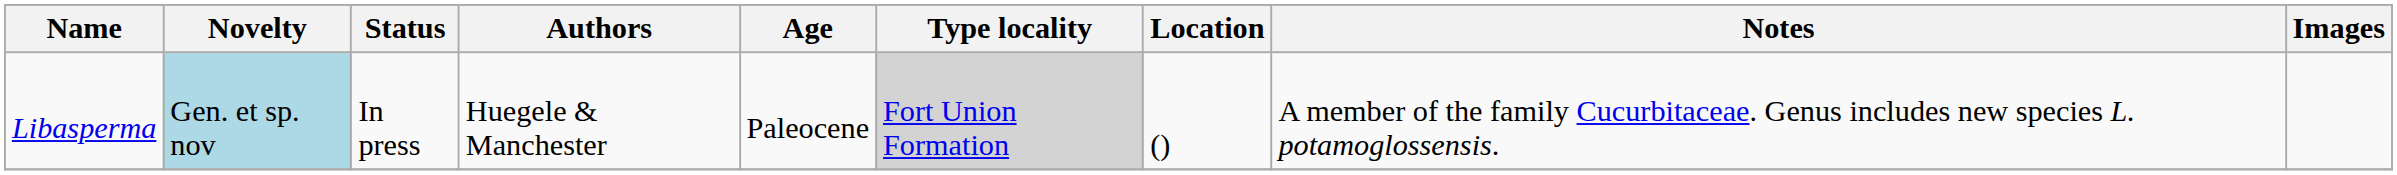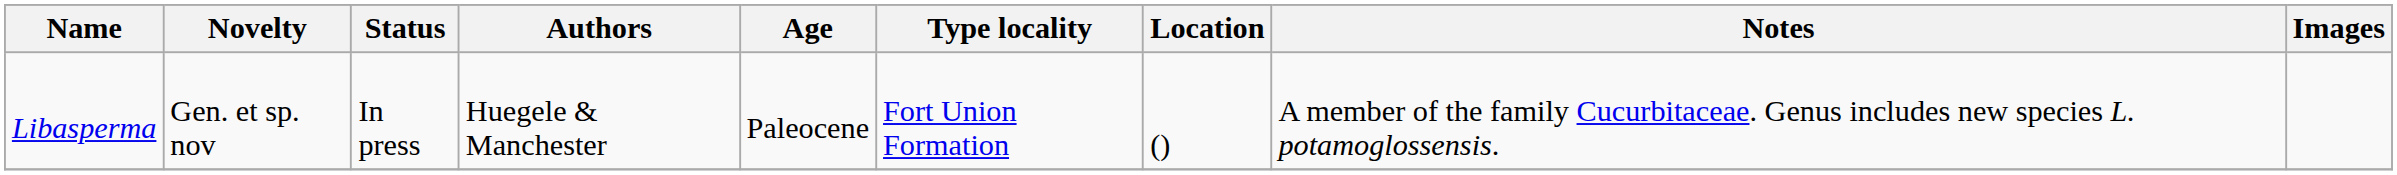 <table class="wikitable sortable" align="center" width="100%">
 <tr>
 <th>Name</th>
 <th>Novelty</th>
 <th>Status</th>
 <th>Authors</th>
 <th>Age</th>
 <th>Type locality</th>
 <th>Location</th>
 <th>Notes</th>
 <th>Images</th>
 </tr>
 <tr>
 <td><br><em><a href='#'>Libasperma</a></em></td>
-<td style="background: lightblue;"><br>Gen. et sp. nov</td>
+<td><br>Gen. et sp. nov</td>
 <td><br>In press</td>
 <td><br>Huegele & Manchester</td>
 <td><br>Paleocene</td>
-<td style="background: lightgrey;"><br><a href='#'>Fort Union Formation</a></td>
+<td><br><a href='#'>Fort Union Formation</a></td>
 <td><br><br>()</td>
 <td><br>A member of the family <a href='#'>Cucurbitaceae</a>. Genus includes new species <em>L. potamoglossensis</em>.</td>
 <td></td>
 </tr>
 <tr>
 </tr>
 </table>
